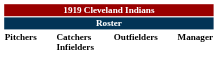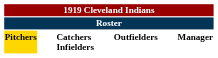 <table class="toccolours" style="font-size: 95%;">
 <tr>
 <th colspan="10" style="background-color: #990000; color: white; text-align: center;">1919 Cleveland Indians</th>
 </tr>
 <tr>
 <td colspan="10" style="background-color: #023456; color: white; text-align: center;"><strong>Roster</strong></td>
 </tr>
 <tr>
-<td valign="top"><strong>Pitchers</strong><br>             </td>
+<td valign="top" style="background: gold;"><strong>Pitchers</strong><br>             </td>
 <td width="25px"></td>
 <td valign="top"><strong>Catchers</strong><br>   <strong>Infielders</strong>       </td>
 <td width="25px"></td>
 <td valign="top"><strong>Outfielders</strong><br>   </td>
 <td width="25px"></td>
 <td valign="top"><strong>Manager</strong><br> </td>
 </tr>
 </table>
